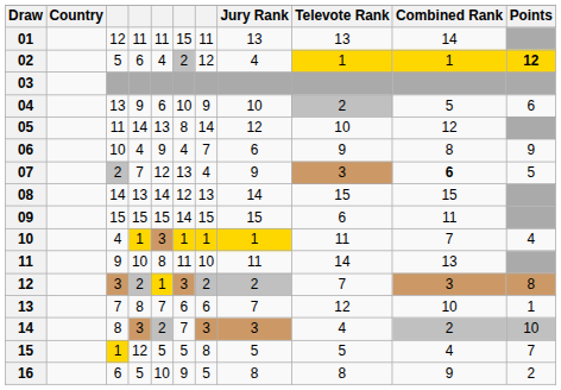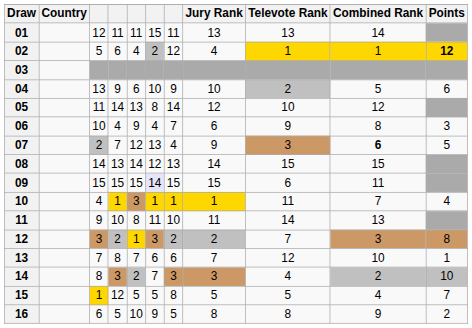 <table class="sortable wikitable collapsible plainrowheaders" style="text-align:center;">
 <tr>
 </tr>
 <tr>
 <th scope="col">Draw</th>
 <th scope="col">Country</th>
 <th scope="col"><small></small></th>
 <th scope="col"><small></small></th>
 <th scope="col"><small></small></th>
 <th scope="col"><small></small></th>
 <th scope="col"><small></small></th>
 <th scope="col">Jury Rank</th>
 <th scope="col">Televote Rank</th>
 <th scope="col">Combined Rank</th>
 <th scope="col">Points</th>
 </tr>
 <tr>
 <th scope="row" style="text-align:center;">01</th>
 <td style="text-align:left;"></td>
 <td>12</td>
 <td>11</td>
 <td>11</td>
 <td>15</td>
 <td>11</td>
 <td>13</td>
 <td>13</td>
 <td>14</td>
 <td style="background:#AAAAAA;"></td>
 </tr>
 <tr>
 <th scope="row" style="text-align:center;">02</th>
 <td style="text-align:left;"></td>
 <td>5</td>
 <td>6</td>
 <td>4</td>
 <td style="background:silver;">2</td>
 <td>12</td>
 <td>4</td>
 <td style="background:gold;">1</td>
 <td style="background:gold;">1</td>
 <td style="background:gold;"><strong>12</strong></td>
 </tr>
 <tr class="sortbottom">
 <th scope="row" style="text-align:center;">03</th>
 <td style="text-align:left;"></td>
 <td style="background:#AAAAAA;"></td>
 <td style="background:#AAAAAA;"></td>
 <td style="background:#AAAAAA;"></td>
 <td style="background:#AAAAAA;"></td>
 <td style="background:#AAAAAA;"></td>
 <td style="background:#AAAAAA;"></td>
 <td style="background:#AAAAAA;"></td>
 <td style="background:#AAAAAA;"></td>
 <td style="background:#AAAAAA;"></td>
 </tr>
 <tr>
 <th scope="row" style="text-align:center;">04</th>
 <td style="text-align:left;"></td>
 <td>13</td>
 <td>9</td>
 <td>6</td>
 <td>10</td>
 <td>9</td>
 <td>10</td>
 <td style="background:silver;">2</td>
 <td>5</td>
 <td>6</td>
 </tr>
 <tr>
 <th scope="row" style="text-align:center;">05</th>
 <td style="text-align:left;"></td>
 <td>11</td>
 <td>14</td>
 <td>13</td>
 <td>8</td>
 <td>14</td>
 <td>12</td>
 <td>10</td>
 <td>12</td>
 <td style="background:#AAAAAA;"></td>
 </tr>
 <tr>
 <th scope="row" style="text-align:center;">06</th>
 <td style="text-align:left;"></td>
 <td>10</td>
 <td>4</td>
 <td>9</td>
 <td>4</td>
 <td>7</td>
 <td>6</td>
 <td>9</td>
 <td>8</td>
-<td>9</td>
+<td>3</td>
 </tr>
 <tr>
 <th scope="row" style="text-align:center;">07</th>
 <td style="text-align:left;"></td>
 <td style="background:silver;">2</td>
 <td>7</td>
 <td>12</td>
 <td>13</td>
 <td>4</td>
 <td>9</td>
 <td style="background:#CC9966;">3</td>
 <td><strong>6</strong></td>
 <td>5</td>
 </tr>
 <tr>
 <th scope="row" style="text-align:center;">08</th>
 <td style="text-align:left;"></td>
 <td>14</td>
 <td>13</td>
 <td>14</td>
 <td>12</td>
 <td>13</td>
 <td>14</td>
 <td>15</td>
 <td>15</td>
 <td style="background:#AAAAAA;"></td>
 </tr>
 <tr>
 <th scope="row" style="text-align:center;">09</th>
 <td style="text-align:left;"></td>
 <td>15</td>
 <td>15</td>
 <td>15</td>
-<td>14</td>
+<td style="background: lavender;">14</td>
 <td>15</td>
 <td>15</td>
 <td>6</td>
 <td>11</td>
 <td style="background:#AAAAAA;"></td>
 </tr>
 <tr>
 <th scope="row" style="text-align:center;">10</th>
 <td style="text-align:left;"></td>
 <td>4</td>
 <td style="background:gold;">1</td>
 <td style="background:#CC9966;">3</td>
 <td style="background:gold;">1</td>
 <td style="background:gold;">1</td>
 <td style="background:gold;">1</td>
 <td>11</td>
 <td>7</td>
 <td>4</td>
 </tr>
 <tr>
 <th scope="row" style="text-align:center;">11</th>
 <td style="text-align:left;"></td>
 <td>9</td>
 <td>10</td>
 <td>8</td>
 <td>11</td>
 <td>10</td>
 <td>11</td>
 <td>14</td>
 <td>13</td>
 <td style="background:#AAAAAA;"></td>
 </tr>
 <tr>
 <th scope="row" style="text-align:center;">12</th>
 <td style="text-align:left;"></td>
 <td style="background:#CC9966;">3</td>
 <td style="background:silver;">2</td>
 <td style="background:gold;">1</td>
 <td style="background:#CC9966;">3</td>
 <td style="background:silver;">2</td>
 <td style="background:silver;">2</td>
 <td>7</td>
 <td style="background:#CC9966;">3</td>
 <td style="background:#CC9966;">8</td>
 </tr>
 <tr>
 <th scope="row" style="text-align:center;">13</th>
 <td style="text-align:left;"></td>
 <td>7</td>
 <td>8</td>
 <td>7</td>
 <td>6</td>
 <td>6</td>
 <td>7</td>
 <td>12</td>
 <td>10</td>
 <td>1</td>
 </tr>
 <tr>
 <th scope="row" style="text-align:center;">14</th>
 <td style="text-align:left;"></td>
 <td>8</td>
 <td style="background:#CC9966;">3</td>
 <td style="background:silver;">2</td>
 <td>7</td>
 <td style="background:#CC9966;">3</td>
 <td style="background:#CC9966;">3</td>
 <td>4</td>
 <td style="background:silver;">2</td>
 <td style="background:silver;">10</td>
 </tr>
 <tr>
 <th scope="row" style="text-align:center;">15</th>
 <td style="text-align:left;"></td>
 <td style="background:gold;">1</td>
 <td>12</td>
 <td>5</td>
 <td>5</td>
 <td>8</td>
 <td>5</td>
 <td>5</td>
 <td>4</td>
 <td>7</td>
 </tr>
 <tr>
 <th scope="row" style="text-align:center;">16</th>
 <td style="text-align:left;"></td>
 <td>6</td>
 <td>5</td>
 <td>10</td>
 <td>9</td>
 <td>5</td>
 <td>8</td>
 <td>8</td>
 <td>9</td>
 <td>2</td>
 </tr>
 </table>
